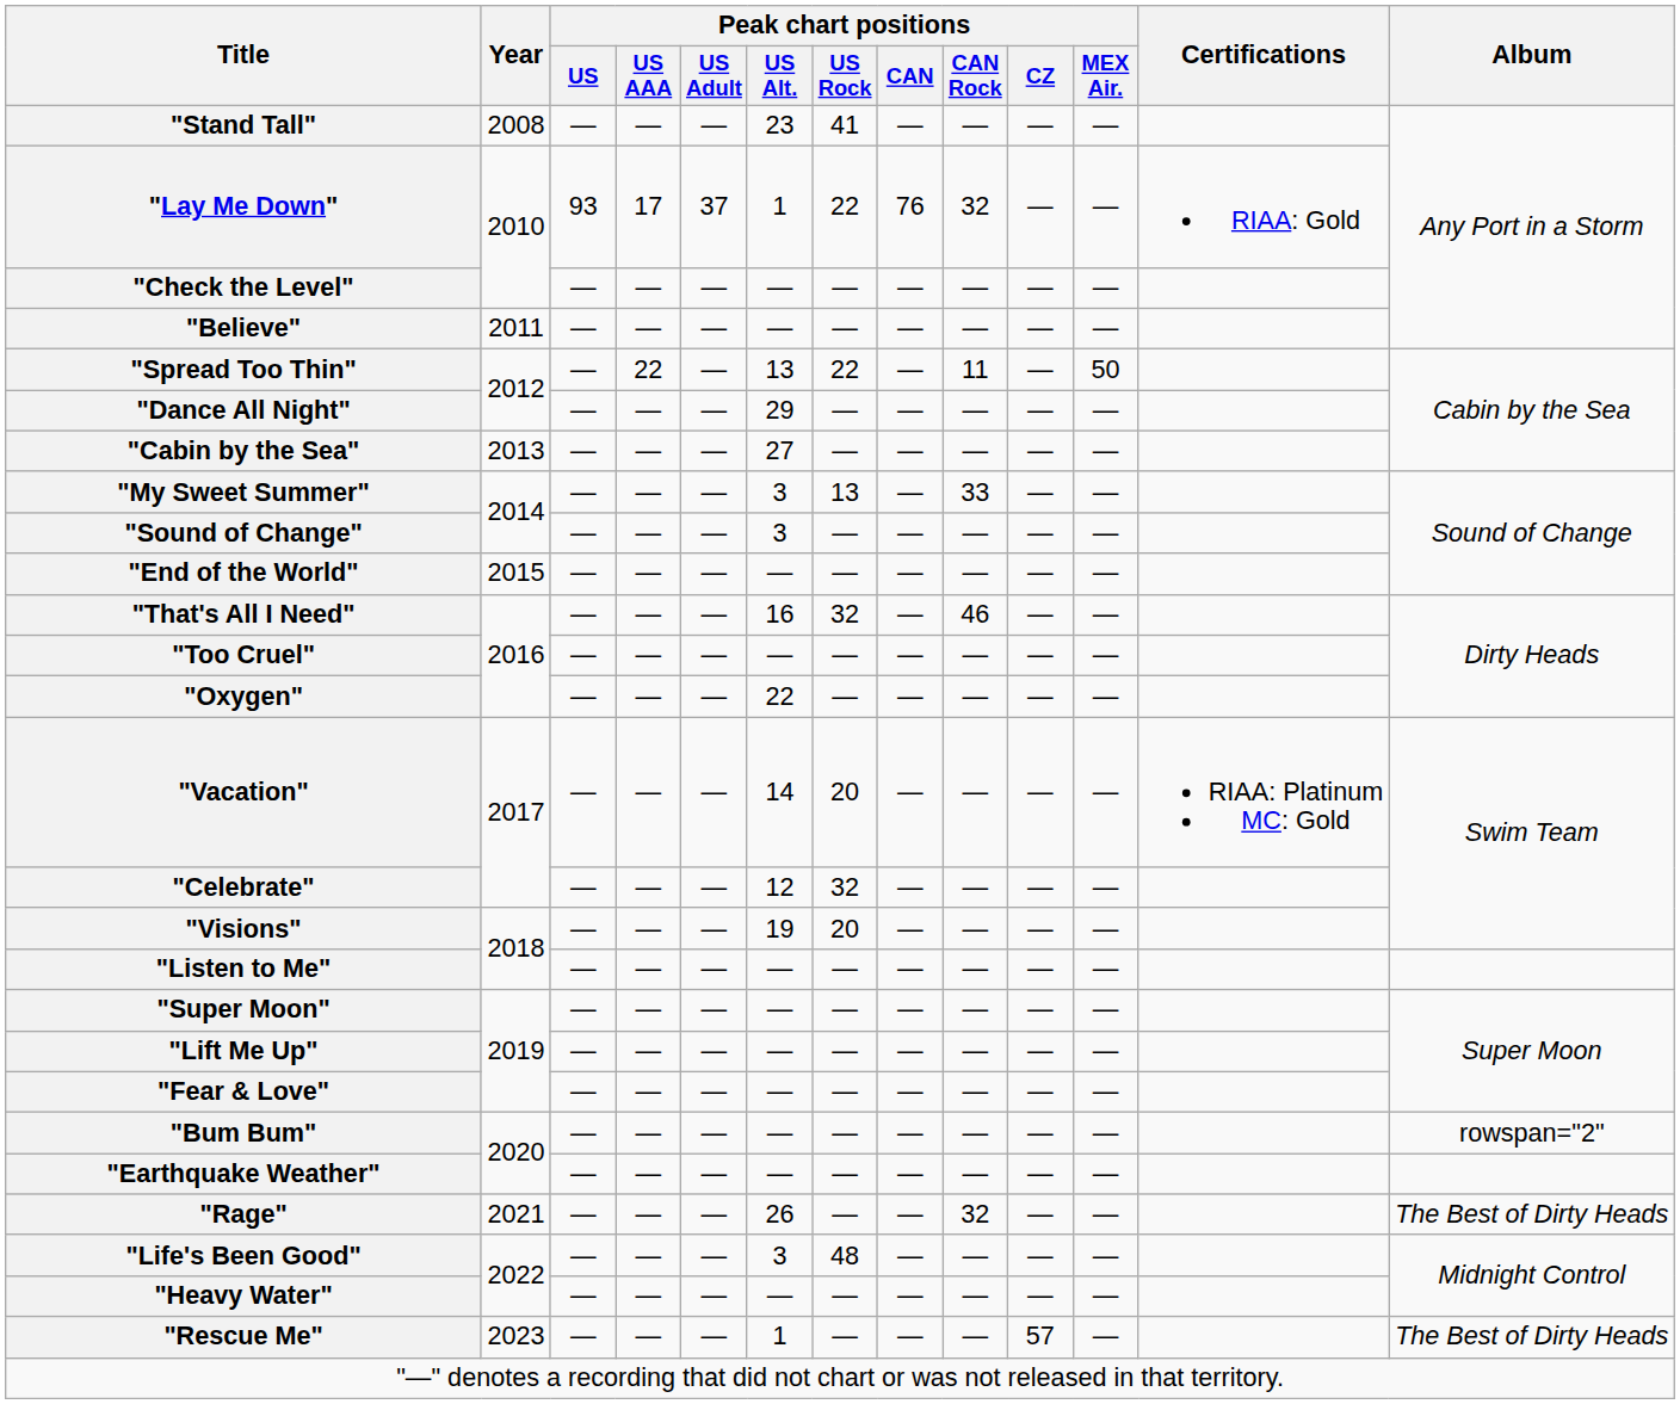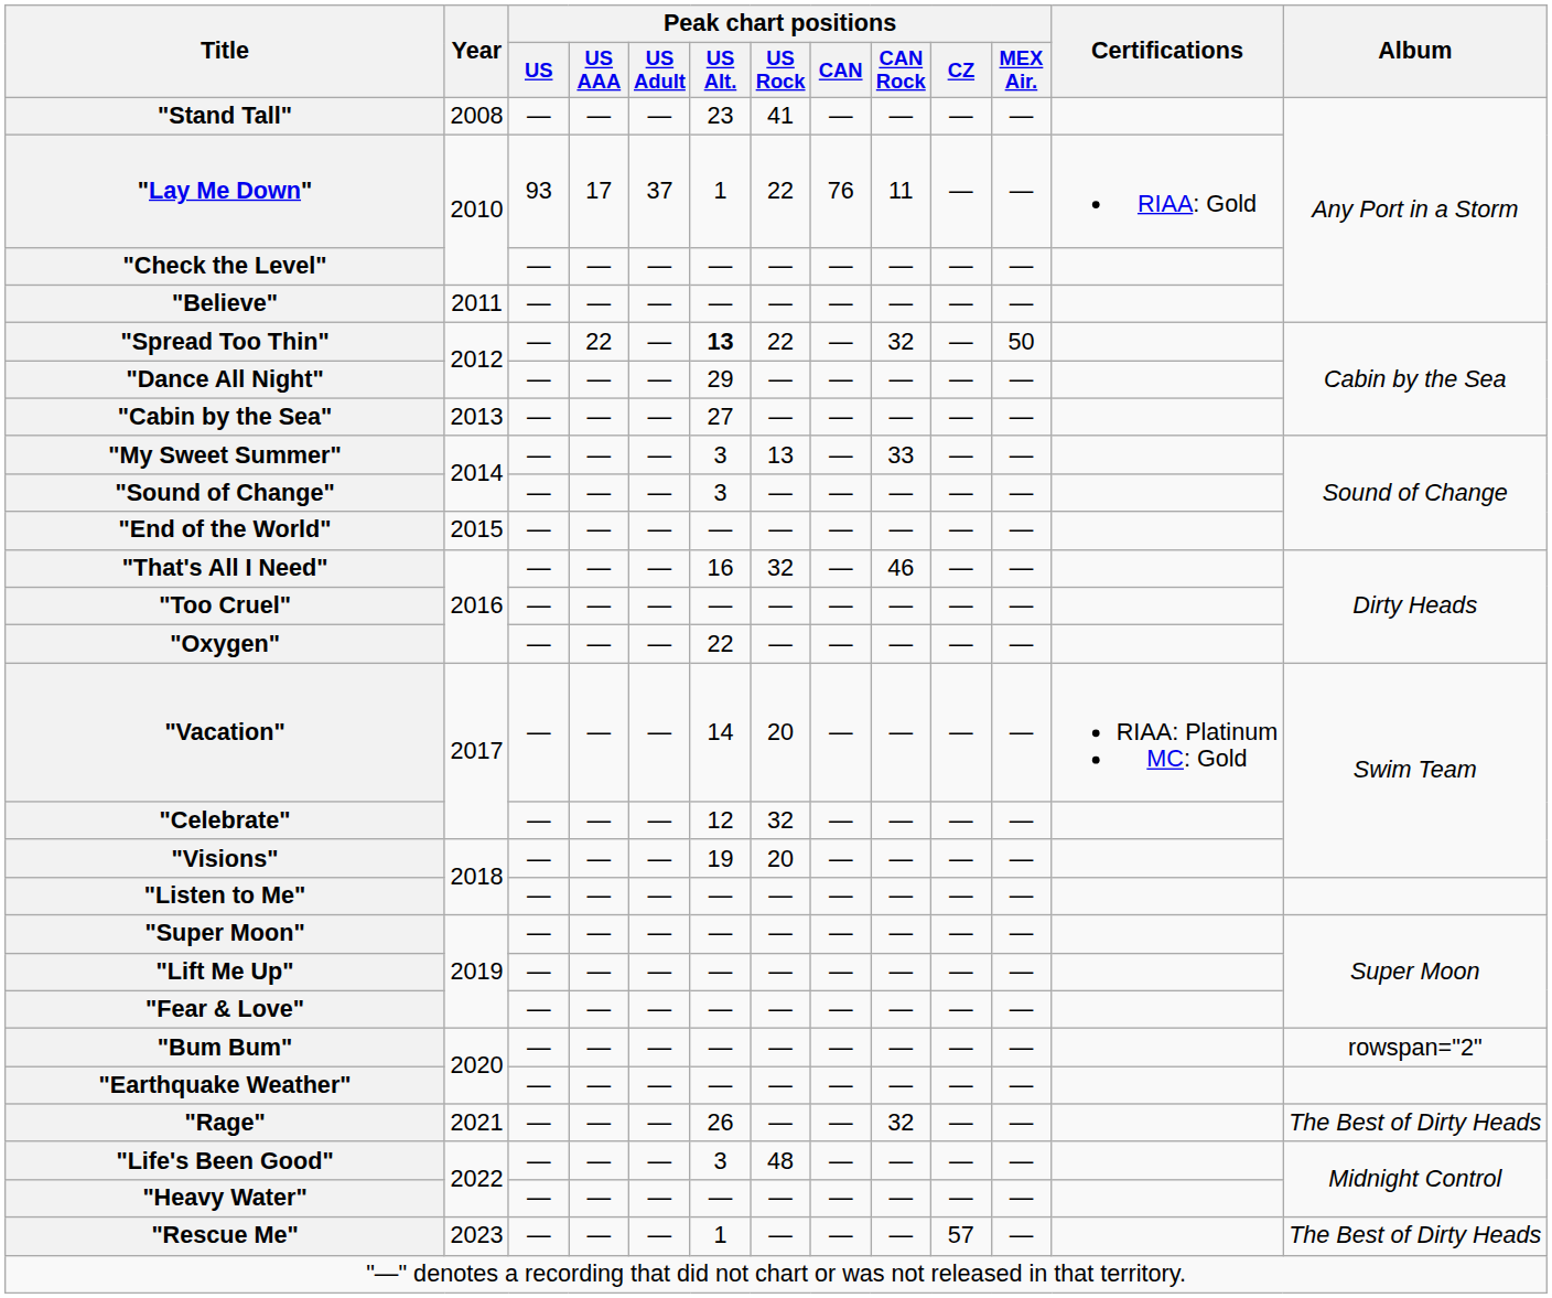 <table class="wikitable plainrowheaders" style="text-align:center;">
 <tr>
 <th scope="col" rowspan="2" style="width:18em;">Title</th>
 <th scope="col" rowspan="2">Year</th>
 <th scope="col" colspan="9">Peak chart positions</th>
 <th scope="col" rowspan="2">Certifications</th>
 <th scope="col" rowspan="2">Album</th>
 </tr>
 <tr>
 <th scope="col" style="width:2.5em;font-size:85%;"><a href='#'>US</a><br></th>
 <th scope="col" style="width:2.5em;font-size:85%;"><a href='#'>US<br>AAA</a><br></th>
 <th scope="col" style="width:2.5em;font-size:85%;"><a href='#'>US<br>Adult</a><br></th>
 <th scope="col" style="width:2.5em;font-size:85%;"><a href='#'>US<br>Alt.</a><br></th>
 <th scope="col" style="width:2.5em;font-size:85%;"><a href='#'>US<br>Rock</a><br></th>
 <th scope="col" style="width:2.5em;font-size:85%;"><a href='#'>CAN</a><br></th>
 <th scope="col" style="width:2.5em;font-size:85%;"><a href='#'>CAN<br>Rock</a><br></th>
 <th scope="col" style="width:2.5em;font-size:85%;"><a href='#'>CZ</a><br></th>
 <th scope="col" style="width:2.5em;font-size:85%;"><a href='#'>MEX<br> Air.</a><br></th>
 </tr>
 <tr>
 <th scope="row">"Stand Tall"</th>
 <td>2008</td>
 <td>—</td>
 <td>—</td>
 <td>—</td>
 <td>23</td>
 <td>41</td>
 <td>—</td>
 <td>—</td>
 <td>—</td>
 <td>—</td>
 <td></td>
 <td rowspan="4"><em>Any Port in a Storm</em></td>
 </tr>
 <tr>
 <th scope="row">"<a href='#'>Lay Me Down</a>"<br></th>
 <td rowspan="2">2010</td>
 <td>93</td>
 <td>17</td>
 <td>37</td>
 <td>1</td>
 <td>22</td>
 <td>76</td>
-<td>32</td>
+<td>11</td>
 <td>—</td>
 <td>—</td>
 <td><br><ul><li><a href='#'>RIAA</a>: Gold</li></ul></td>
 </tr>
 <tr>
 <th scope="row">"Check the Level"<br></th>
 <td>—</td>
 <td>—</td>
 <td>—</td>
 <td>—</td>
 <td>—</td>
 <td>—</td>
 <td>—</td>
 <td>—</td>
 <td>—</td>
 <td></td>
 </tr>
 <tr>
 <th scope="row">"Believe"</th>
 <td>2011</td>
 <td>—</td>
 <td>—</td>
 <td>—</td>
 <td>—</td>
 <td>—</td>
 <td>—</td>
 <td>—</td>
 <td>—</td>
 <td>—</td>
 <td></td>
 </tr>
 <tr>
 <th scope="row">"Spread Too Thin"</th>
 <td rowspan="2">2012</td>
 <td>—</td>
 <td>22</td>
 <td>—</td>
-<td>13</td>
+<td><strong>13</strong></td>
 <td>22</td>
 <td>—</td>
-<td>11</td>
+<td>32</td>
 <td>—</td>
 <td>50</td>
 <td></td>
 <td rowspan="3"><em>Cabin by the Sea</em></td>
 </tr>
 <tr>
 <th scope="row">"Dance All Night"<br></th>
 <td>—</td>
 <td>—</td>
 <td>—</td>
 <td>29</td>
 <td>—</td>
 <td>—</td>
 <td>—</td>
 <td>—</td>
 <td>—</td>
 <td></td>
 </tr>
 <tr>
 <th scope="row">"Cabin by the Sea"</th>
 <td>2013</td>
 <td>—</td>
 <td>—</td>
 <td>—</td>
 <td>27</td>
 <td>—</td>
 <td>—</td>
 <td>—</td>
 <td>—</td>
 <td>—</td>
 </tr>
 <tr>
 <th scope="row">"My Sweet Summer"</th>
 <td rowspan="2">2014</td>
 <td>—</td>
 <td>—</td>
 <td>—</td>
 <td>3</td>
 <td>13</td>
 <td>—</td>
 <td>33</td>
 <td>—</td>
 <td>—</td>
 <td></td>
 <td rowspan="3"><em>Sound of Change</em></td>
 </tr>
 <tr>
 <th scope="row">"Sound of Change"</th>
 <td>—</td>
 <td>—</td>
 <td>—</td>
 <td>3</td>
 <td>—</td>
 <td>—</td>
 <td>—</td>
 <td>—</td>
 <td>—</td>
 <td></td>
 </tr>
 <tr>
 <th scope="row">"End of the World"</th>
 <td>2015</td>
 <td>—</td>
 <td>—</td>
 <td>—</td>
 <td>—</td>
 <td>—</td>
 <td>—</td>
 <td>—</td>
 <td>—</td>
 <td>—</td>
 <td></td>
 </tr>
 <tr>
 <th scope="row">"That's All I Need"</th>
 <td rowspan="3">2016</td>
 <td>—</td>
 <td>—</td>
 <td>—</td>
 <td>16</td>
 <td>32</td>
 <td>—</td>
 <td>46</td>
 <td>—</td>
 <td>—</td>
 <td></td>
 <td rowspan="3"><em>Dirty Heads</em></td>
 </tr>
 <tr>
 <th scope="row">"Too Cruel"</th>
 <td>—</td>
 <td>—</td>
 <td>—</td>
 <td>—</td>
 <td>—</td>
 <td>—</td>
 <td>—</td>
 <td>—</td>
 <td>—</td>
 <td></td>
 </tr>
 <tr>
 <th scope="row">"Oxygen"</th>
 <td>—</td>
 <td>—</td>
 <td>—</td>
 <td>22</td>
 <td>—</td>
 <td>—</td>
 <td>—</td>
 <td>—</td>
 <td>—</td>
 <td></td>
 </tr>
 <tr>
 <th scope="row">"Vacation" </th>
 <td rowspan="2">2017</td>
 <td>—</td>
 <td>—</td>
 <td>—</td>
 <td>14</td>
 <td>20</td>
 <td>—</td>
 <td>—</td>
 <td>—</td>
 <td>—</td>
 <td><br><ul><li>RIAA: Platinum</li><li><a href='#'>MC</a>: Gold</li></ul></td>
 <td rowspan="3"><em>Swim Team</em></td>
 </tr>
 <tr>
 <th scope="row">"Celebrate"<br></th>
 <td>—</td>
 <td>—</td>
 <td>—</td>
 <td>12</td>
 <td>32</td>
 <td>—</td>
 <td>—</td>
 <td>—</td>
 <td>—</td>
 <td></td>
 </tr>
 <tr>
 <th scope="row">"Visions"<br></th>
 <td rowspan="2">2018</td>
 <td>—</td>
 <td>—</td>
 <td>—</td>
 <td>19</td>
 <td>20</td>
 <td>—</td>
 <td>—</td>
 <td>—</td>
 <td>—</td>
 <td></td>
 </tr>
 <tr>
 <th scope="row">"Listen to Me"</th>
 <td>—</td>
 <td>—</td>
 <td>—</td>
 <td>—</td>
 <td>—</td>
 <td>—</td>
 <td>—</td>
 <td>—</td>
 <td>—</td>
 <td></td>
 <td></td>
 </tr>
 <tr>
 <th scope="row">"Super Moon"</th>
 <td rowspan="3">2019</td>
 <td>—</td>
 <td>—</td>
 <td>—</td>
 <td>—</td>
 <td>—</td>
 <td>—</td>
 <td>—</td>
 <td>—</td>
 <td>—</td>
 <td></td>
 <td rowspan="3"><em>Super Moon</em></td>
 </tr>
 <tr>
 <th scope="row">"Lift Me Up"</th>
 <td>—</td>
 <td>—</td>
 <td>—</td>
 <td>—</td>
 <td>—</td>
 <td>—</td>
 <td>—</td>
 <td>—</td>
 <td>—</td>
 <td></td>
 </tr>
 <tr>
 <th scope="row">"Fear & Love"</th>
 <td>—</td>
 <td>—</td>
 <td>—</td>
 <td>—</td>
 <td>—</td>
 <td>—</td>
 <td>—</td>
 <td>—</td>
 <td>—</td>
 <td></td>
 </tr>
 <tr>
 <th scope="row">"Bum Bum" <br></th>
 <td rowspan="2">2020</td>
 <td>—</td>
 <td>—</td>
 <td>—</td>
 <td>—</td>
 <td>—</td>
 <td>—</td>
 <td>—</td>
 <td>—</td>
 <td>—</td>
 <td></td>
 <td>rowspan="2" </td>
 </tr>
 <tr>
 <th scope="row">"Earthquake Weather"</th>
 <td>—</td>
 <td>—</td>
 <td>—</td>
 <td>—</td>
 <td>—</td>
 <td>—</td>
 <td>—</td>
 <td>—</td>
 <td>—</td>
 <td></td>
 </tr>
 <tr>
 <th scope="row">"Rage"<br></th>
 <td>2021</td>
 <td>—</td>
 <td>—</td>
 <td>—</td>
 <td>26</td>
 <td>—</td>
 <td>—</td>
 <td>32</td>
 <td>—</td>
 <td>—</td>
 <td></td>
 <td><em>The Best of Dirty Heads</em></td>
 </tr>
 <tr>
 <th scope="row">"Life's Been Good"</th>
 <td rowspan="2">2022</td>
 <td>—</td>
 <td>—</td>
 <td>—</td>
 <td>3</td>
 <td>48</td>
 <td>—</td>
 <td>—</td>
 <td>—</td>
 <td>—</td>
 <td></td>
 <td rowspan="2"><em>Midnight Control</em></td>
 </tr>
 <tr>
 <th scope="row">"Heavy Water"<br></th>
 <td>—</td>
 <td>—</td>
 <td>—</td>
 <td>—</td>
 <td>—</td>
 <td>—</td>
 <td>—</td>
 <td>—</td>
 <td>—</td>
 <td></td>
 </tr>
 <tr>
 <th scope="row">"Rescue Me"</th>
 <td>2023</td>
 <td>—</td>
 <td>—</td>
 <td>—</td>
 <td>1</td>
 <td>—</td>
 <td>—</td>
 <td>—</td>
 <td>57</td>
 <td>—</td>
 <td></td>
 <td><em>The Best of Dirty Heads</em></td>
 </tr>
 <tr>
 <td colspan="13">"—" denotes a recording that did not chart or was not released in that territory.</td>
 </tr>
 </table>
